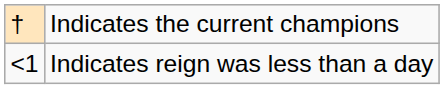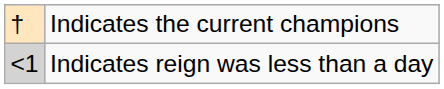 <table class="wikitable">
 <tr>
 <td style="background-color:#FFE6BD">†</td>
 <td>Indicates the current champions</td>
 </tr>
 <tr>
-<td><1</td>
+<td style="background: lightgrey;"><1</td>
 <td>Indicates reign was less than a day</td>
 </tr>
 </table>
